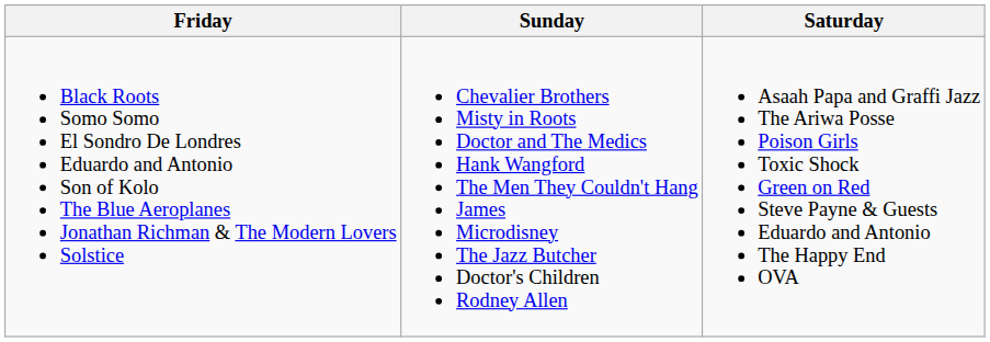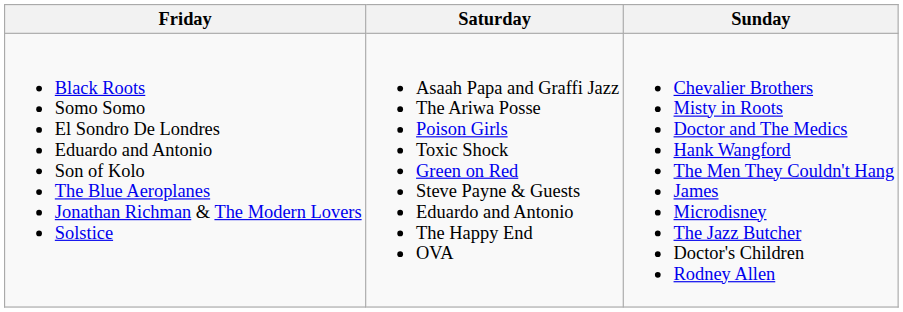 <table class="wikitable">
 <tr>
 <th>Friday</th>
+<th>Saturday</th>
 <th>Sunday</th>
-<th>Saturday</th>
 </tr>
 <tr valign="top">
 <td><br><ul><li><a href='#'>Black Roots</a></li><li>Somo Somo</li><li>El Sondro De Londres</li><li>Eduardo and Antonio</li><li>Son of Kolo</li><li><a href='#'>The Blue Aeroplanes</a></li><li><a href='#'>Jonathan Richman</a> & <a href='#'>The Modern Lovers</a></li><li><a href='#'>Solstice</a></li></ul></td>
+<td><br><ul><li>Asaah Papa and Graffi Jazz</li><li>The Ariwa Posse</li><li><a href='#'>Poison Girls</a></li><li>Toxic Shock</li><li><a href='#'>Green on Red</a></li><li>Steve Payne & Guests</li><li>Eduardo and Antonio</li><li>The Happy End</li><li>OVA</li></ul></td>
 <td><br><ul><li><a href='#'>Chevalier Brothers</a></li><li><a href='#'>Misty in Roots</a></li><li><a href='#'>Doctor and The Medics</a></li><li><a href='#'>Hank Wangford</a></li><li><a href='#'>The Men They Couldn't Hang</a></li><li><a href='#'>James</a></li><li><a href='#'>Microdisney</a></li><li><a href='#'>The Jazz Butcher</a></li><li>Doctor's Children</li><li><a href='#'>Rodney Allen</a></li></ul></td>
-<td><br><ul><li>Asaah Papa and Graffi Jazz</li><li>The Ariwa Posse</li><li><a href='#'>Poison Girls</a></li><li>Toxic Shock</li><li><a href='#'>Green on Red</a></li><li>Steve Payne & Guests</li><li>Eduardo and Antonio</li><li>The Happy End</li><li>OVA</li></ul></td>
 </tr>
 </table>
